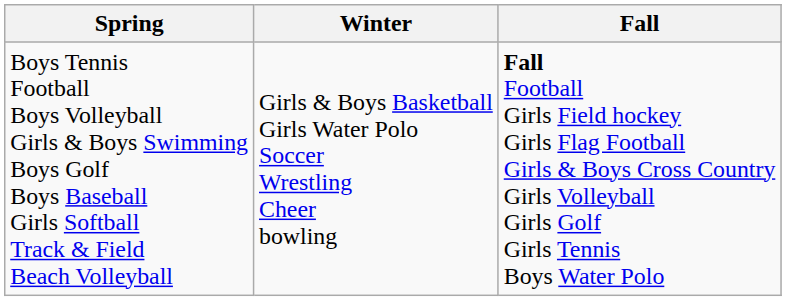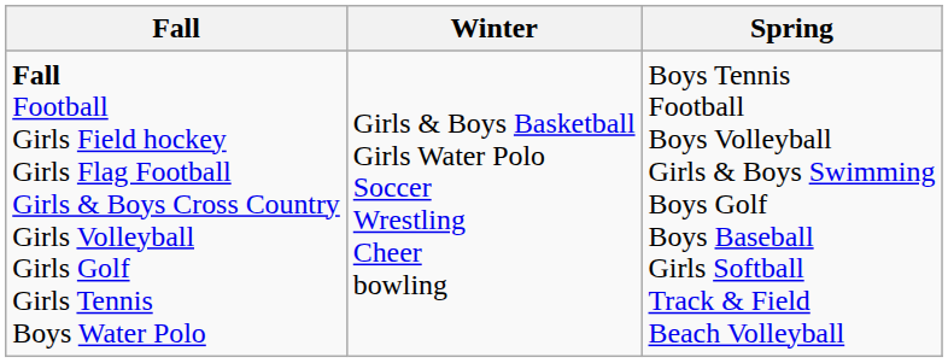 <table class="wikitable">
 <tr>
+<th><strong>Fall</strong></th>
+<th><strong>Winter</strong></th>
 <th><strong>Spring</strong></th>
-<th><strong>Winter</strong></th>
-<th><strong>Fall</strong></th>
 </tr>
 <tr>
+<td><strong>Fall</strong><br><a href='#'>Football</a><br>Girls <a href='#'>Field hockey</a><br>Girls <a href='#'>Flag Football</a><br><a href='#'>Girls & Boys Cross Country</a><br>Girls <a href='#'>Volleyball</a><br>Girls <a href='#'>Golf</a><br>Girls <a href='#'>Tennis</a><br>Boys <a href='#'>Water Polo</a></td>
+<td>Girls & Boys <a href='#'>Basketball</a><br>Girls Water Polo<br><a href='#'>Soccer</a><br><a href='#'>Wrestling</a><br><a href='#'>Cheer</a><br>bowling</td>
 <td>Boys Tennis<br>Football<br>Boys Volleyball<br>Girls & Boys <a href='#'>Swimming</a><br>Boys Golf<br>Boys <a href='#'>Baseball</a><br>Girls <a href='#'>Softball</a><br><a href='#'>Track & Field</a><br><a href='#'>Beach Volleyball</a></td>
-<td>Girls & Boys <a href='#'>Basketball</a><br>Girls Water Polo<br><a href='#'>Soccer</a><br><a href='#'>Wrestling</a><br><a href='#'>Cheer</a><br>bowling</td>
-<td><strong>Fall</strong><br><a href='#'>Football</a><br>Girls <a href='#'>Field hockey</a><br>Girls <a href='#'>Flag Football</a><br><a href='#'>Girls & Boys Cross Country</a><br>Girls <a href='#'>Volleyball</a><br>Girls <a href='#'>Golf</a><br>Girls <a href='#'>Tennis</a><br>Boys <a href='#'>Water Polo</a></td>
 </tr>
 </table>
